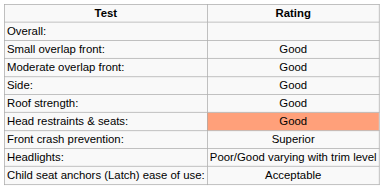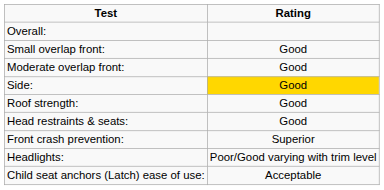 <table class="wikitable">
 <tr>
 <td style="text-align:center;"><strong>Test</strong></td>
 <td style="text-align:center;"><strong>Rating</strong></td>
 </tr>
 <tr>
 <td>Overall:</td>
 <td style="text-align:center;"></td>
 </tr>
 <tr>
 <td>Small overlap front:</td>
 <td style="text-align:center;">Good</td>
 </tr>
 <tr>
 <td>Moderate overlap front:</td>
 <td style="text-align:center;">Good</td>
 </tr>
 <tr>
 <td>Side:</td>
-<td style="text-align:center;">Good</td>
+<td style="background: gold; text-align:center;">Good</td>
 </tr>
 <tr>
 <td>Roof strength:</td>
 <td style="text-align:center;">Good</td>
 </tr>
 <tr>
 <td>Head restraints & seats:</td>
-<td style="background: lightsalmon; text-align:center;">Good</td>
+<td style="text-align:center;">Good</td>
 </tr>
 <tr>
 <td>Front crash prevention:</td>
 <td style="text-align:center;">Superior</td>
 </tr>
 <tr>
 <td>Headlights:</td>
 <td style="text-align:center;">Poor/Good varying with trim level</td>
 </tr>
 <tr>
 <td>Child seat anchors (Latch) ease of use:</td>
 <td style="text-align:center;">Acceptable</td>
 </tr>
 </table>
